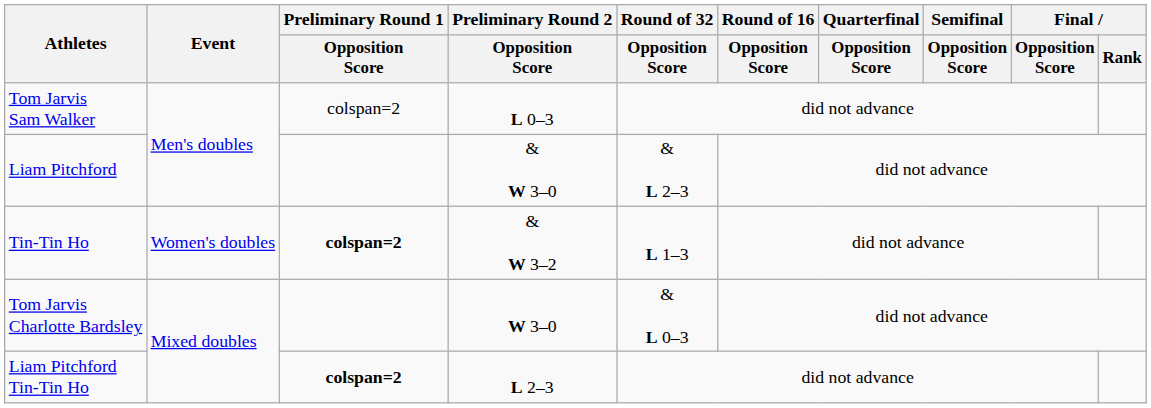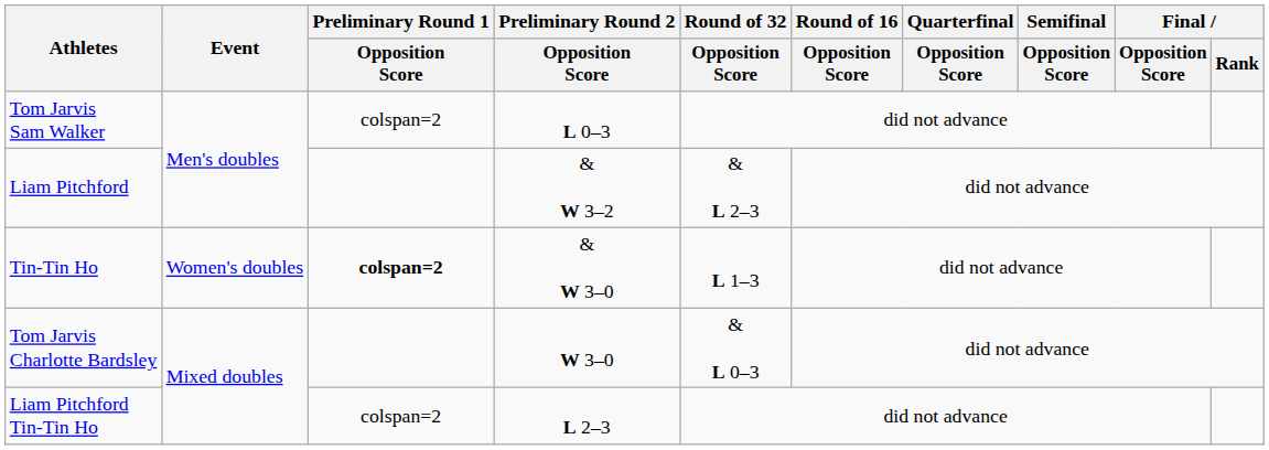 <table class=wikitable style=font-size:88%;text-align:center>
 <tr>
 <th rowspan=2>Athletes</th>
 <th rowspan=2>Event</th>
 <th>Preliminary Round 1</th>
 <th>Preliminary Round 2</th>
 <th>Round of 32</th>
 <th>Round of 16</th>
 <th>Quarterfinal</th>
 <th>Semifinal</th>
 <th colspan=2>Final / </th>
 </tr>
 <tr style=font-size:95%>
 <th>Opposition<br>Score</th>
 <th>Opposition<br>Score</th>
 <th>Opposition<br>Score</th>
 <th>Opposition<br>Score</th>
 <th>Opposition<br>Score</th>
 <th>Opposition<br>Score</th>
 <th>Opposition<br>Score</th>
 <th>Rank</th>
 </tr>
 <tr>
 <td align=left><a href='#'>Tom Jarvis</a><br><a href='#'>Sam Walker</a></td>
 <td align=left rowspan=2><a href='#'>Men's doubles</a></td>
 <td>colspan=2 </td>
 <td><br><strong>L</strong> 0–3</td>
 <td colspan=5>did not advance</td>
 </tr>
 <tr>
 <td align=left><a href='#'>Liam Pitchford</a><br></td>
 <td></td>
-<td> & <br><br><strong>W</strong> 3–0</td>
+<td> & <br><br><strong>W</strong> 3–2</td>
 <td> & <br><br><strong>L</strong> 2–3</td>
 <td colspan=5>did not advance</td>
 </tr>
 <tr>
 <td align=left><a href='#'>Tin-Tin Ho</a><br></td>
 <td align=left><a href='#'>Women's doubles</a></td>
 <td><strong>colspan=2 </strong></td>
-<td> & <br><br><strong>W</strong> 3–2</td>
+<td> & <br><br><strong>W</strong> 3–0</td>
 <td><br><strong>L</strong> 1–3</td>
 <td colspan=4>did not advance</td>
 </tr>
 <tr>
 <td align=left><a href='#'>Tom Jarvis</a><br><a href='#'>Charlotte Bardsley</a></td>
 <td align=left rowspan=2><a href='#'>Mixed doubles</a></td>
 <td></td>
 <td><br><strong>W</strong> 3–0</td>
 <td> & <br><br><strong>L</strong> 0–3</td>
 <td colspan=5>did not advance</td>
 </tr>
 <tr>
 <td align=left><a href='#'>Liam Pitchford</a><br><a href='#'>Tin-Tin Ho</a></td>
-<td><strong>colspan=2 </strong></td>
+<td>colspan=2 </td>
 <td><br><strong>L</strong> 2–3</td>
 <td colspan=5>did not advance</td>
 </tr>
 </table>
